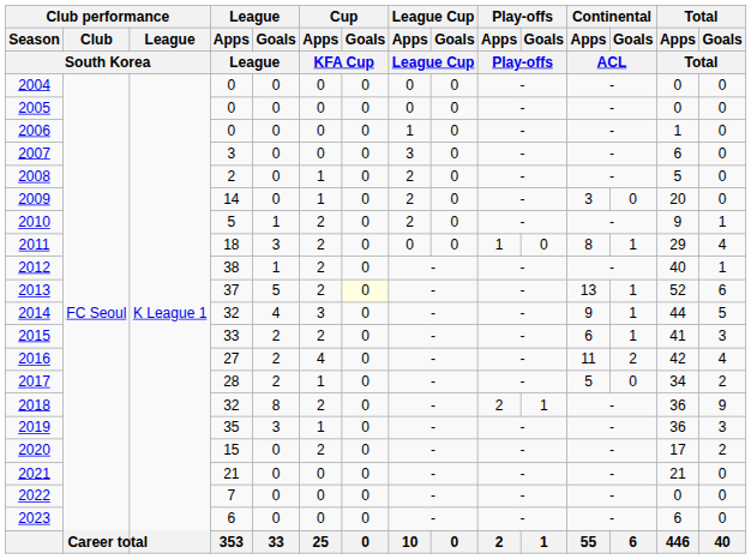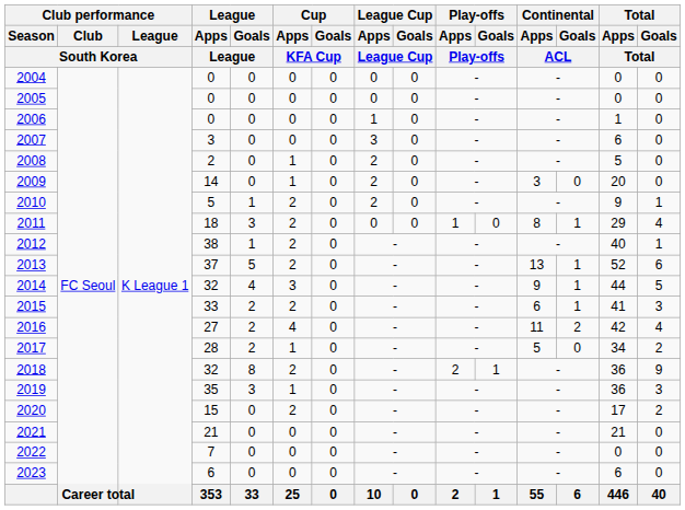 <table class="wikitable" style="text-align:center">
 <tr>
 <th colspan=3>Club performance</th>
 <th colspan=2>League</th>
 <th colspan=2>Cup</th>
 <th colspan=2>League Cup</th>
 <th colspan=2>Play-offs</th>
 <th colspan=2>Continental</th>
 <th colspan=2>Total</th>
 </tr>
 <tr>
 <th>Season</th>
 <th>Club</th>
 <th>League</th>
 <th>Apps</th>
 <th>Goals</th>
 <th>Apps</th>
 <th>Goals</th>
 <th>Apps</th>
 <th>Goals</th>
 <th>Apps</th>
 <th>Goals</th>
 <th>Apps</th>
 <th>Goals</th>
 <th>Apps</th>
 <th>Goals</th>
 </tr>
 <tr>
 <th colspan=3>South Korea</th>
 <th colspan=2>League</th>
 <th colspan=2><a href='#'>KFA Cup</a></th>
 <th colspan=2><a href='#'>League Cup</a></th>
 <th colspan=2><a href='#'>Play-offs</a></th>
 <th colspan=2><a href='#'>ACL</a></th>
 <th colspan=2>Total</th>
 </tr>
 <tr>
 <td><a href='#'>2004</a></td>
 <td rowspan="21"><a href='#'>FC Seoul</a></td>
 <td rowspan="21"><a href='#'>K League 1</a></td>
 <td>0</td>
 <td>0</td>
 <td>0</td>
 <td>0</td>
 <td>0</td>
 <td>0</td>
 <td colspan="2">-</td>
 <td colspan="2">-</td>
 <td>0</td>
 <td>0</td>
 </tr>
 <tr>
 <td><a href='#'>2005</a></td>
 <td>0</td>
 <td>0</td>
 <td>0</td>
 <td>0</td>
 <td>0</td>
 <td>0</td>
 <td colspan="2">-</td>
 <td colspan="2">-</td>
 <td>0</td>
 <td>0</td>
 </tr>
 <tr>
 <td><a href='#'>2006</a></td>
 <td>0</td>
 <td>0</td>
 <td>0</td>
 <td>0</td>
 <td>1</td>
 <td>0</td>
 <td colspan="2">-</td>
 <td colspan="2">-</td>
 <td>1</td>
 <td>0</td>
 </tr>
 <tr>
 <td><a href='#'>2007</a></td>
 <td>3</td>
 <td>0</td>
 <td>0</td>
 <td>0</td>
 <td>3</td>
 <td>0</td>
 <td colspan="2">-</td>
 <td colspan="2">-</td>
 <td>6</td>
 <td>0</td>
 </tr>
 <tr>
 <td><a href='#'>2008</a></td>
 <td>2</td>
 <td>0</td>
 <td>1</td>
 <td>0</td>
 <td>2</td>
 <td>0</td>
 <td colspan="2">-</td>
 <td colspan="2">-</td>
 <td>5</td>
 <td>0</td>
 </tr>
 <tr>
 <td><a href='#'>2009</a></td>
 <td>14</td>
 <td>0</td>
 <td>1</td>
 <td>0</td>
 <td>2</td>
 <td>0</td>
 <td colspan="2">-</td>
 <td>3</td>
 <td>0</td>
 <td>20</td>
 <td>0</td>
 </tr>
 <tr>
 <td><a href='#'>2010</a></td>
 <td>5</td>
 <td>1</td>
 <td>2</td>
 <td>0</td>
 <td>2</td>
 <td>0</td>
 <td colspan="2">-</td>
 <td colspan="2">-</td>
 <td>9</td>
 <td>1</td>
 </tr>
 <tr>
 <td><a href='#'>2011</a></td>
 <td>18</td>
 <td>3</td>
 <td>2</td>
 <td>0</td>
 <td>0</td>
 <td>0</td>
 <td>1</td>
 <td>0</td>
 <td>8</td>
 <td>1</td>
 <td>29</td>
 <td>4</td>
 </tr>
 <tr>
 <td><a href='#'>2012</a></td>
 <td>38</td>
 <td>1</td>
 <td>2</td>
 <td>0</td>
 <td colspan="2">-</td>
 <td colspan="2">-</td>
 <td colspan="2">-</td>
 <td>40</td>
 <td>1</td>
 </tr>
 <tr>
 <td><a href='#'>2013</a></td>
 <td>37</td>
 <td>5</td>
 <td>2</td>
-<td style="background: lightyellow;">0</td>
+<td>0</td>
 <td colspan="2">-</td>
 <td colspan="2">-</td>
 <td>13</td>
 <td>1</td>
 <td>52</td>
 <td>6</td>
 </tr>
 <tr>
 <td><a href='#'>2014</a></td>
 <td>32</td>
 <td>4</td>
 <td>3</td>
 <td>0</td>
 <td colspan="2">-</td>
 <td colspan="2">-</td>
 <td>9</td>
 <td>1</td>
 <td>44</td>
 <td>5</td>
 </tr>
 <tr>
 <td><a href='#'>2015</a></td>
 <td>33</td>
 <td>2</td>
 <td>2</td>
 <td>0</td>
 <td colspan="2">-</td>
 <td colspan="2">-</td>
 <td>6</td>
 <td>1</td>
 <td>41</td>
 <td>3</td>
 </tr>
 <tr>
 <td><a href='#'>2016</a></td>
 <td>27</td>
 <td>2</td>
 <td>4</td>
 <td>0</td>
 <td colspan="2">-</td>
 <td colspan="2">-</td>
 <td>11</td>
 <td>2</td>
 <td>42</td>
 <td>4</td>
 </tr>
 <tr>
 <td><a href='#'>2017</a></td>
 <td>28</td>
 <td>2</td>
 <td>1</td>
 <td>0</td>
 <td colspan="2">-</td>
 <td colspan="2">-</td>
 <td>5</td>
 <td>0</td>
 <td>34</td>
 <td>2</td>
 </tr>
 <tr>
 <td><a href='#'>2018</a></td>
 <td>32</td>
 <td>8</td>
 <td>2</td>
 <td>0</td>
 <td colspan="2">-</td>
 <td>2</td>
 <td>1</td>
 <td colspan="2">-</td>
 <td>36</td>
 <td>9</td>
 </tr>
 <tr>
 <td><a href='#'>2019</a></td>
 <td>35</td>
 <td>3</td>
 <td>1</td>
 <td>0</td>
 <td colspan="2">-</td>
 <td colspan="2">-</td>
 <td colspan="2">-</td>
 <td>36</td>
 <td>3</td>
 </tr>
 <tr>
 <td><a href='#'>2020</a></td>
 <td>15</td>
 <td>0</td>
 <td>2</td>
 <td>0</td>
 <td colspan="2">-</td>
 <td colspan="2">-</td>
 <td colspan="2">-</td>
 <td>17</td>
 <td>2</td>
 </tr>
 <tr>
 <td><a href='#'>2021</a></td>
 <td>21</td>
 <td>0</td>
 <td>0</td>
 <td>0</td>
 <td colspan="2">-</td>
 <td colspan="2">-</td>
 <td colspan="2">-</td>
 <td>21</td>
 <td>0</td>
 </tr>
 <tr>
 <td><a href='#'>2022</a></td>
 <td>7</td>
 <td>0</td>
 <td>0</td>
 <td>0</td>
 <td colspan="2">-</td>
 <td colspan="2">-</td>
 <td colspan="2">-</td>
 <td>0</td>
 <td>0</td>
 </tr>
 <tr>
 <td><a href='#'>2023</a></td>
 <td>6</td>
 <td>0</td>
 <td>0</td>
 <td>0</td>
 <td colspan="2">-</td>
 <td colspan="2">-</td>
 <td colspan="2">-</td>
 <td>6</td>
 <td>0</td>
 </tr>
 <tr>
 <th colspan="3">Career total</th>
 <th>353</th>
 <th>33</th>
 <th>25</th>
 <th>0</th>
 <th>10</th>
 <th>0</th>
 <th>2</th>
 <th>1</th>
 <th>55</th>
 <th>6</th>
 <th>446</th>
 <th>40</th>
 </tr>
 </table>
